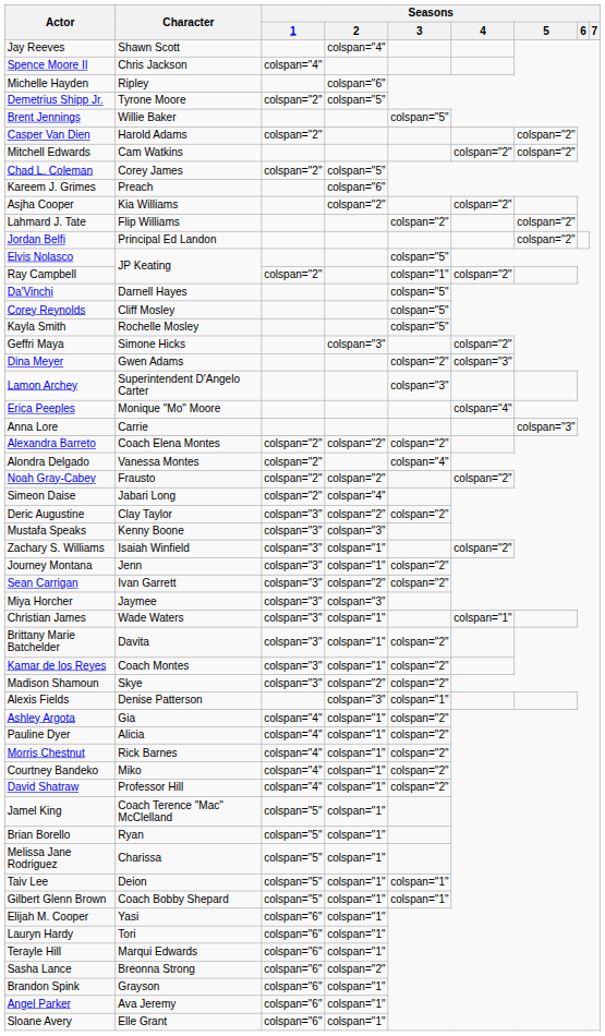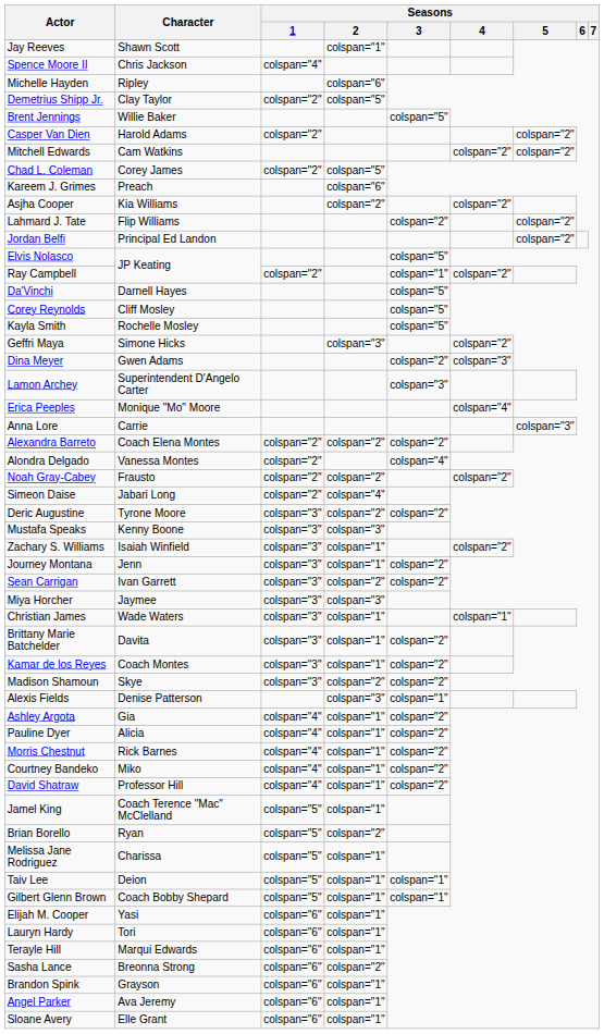 <table class="wikitable">
 <tr>
 <th rowspan="2">Actor</th>
 <th ! rowspan="2">Character</th>
 <th colspan="7">Seasons</th>
 </tr>
 <tr>
 <th scope="col"><a href='#'>1</a></th>
 <th scope="col">2</th>
 <th scope="col">3</th>
 <th scope="col">4</th>
 <th scope="col">5</th>
 <th scope="col">6</th>
 <th scope="col">7</th>
 </tr>
 <tr>
 <td>Jay Reeves</td>
 <td>Shawn Scott</td>
 <td></td>
-<td>colspan="4" </td>
+<td>colspan="1" </td>
 <td></td>
 <td></td>
 </tr>
 <tr>
 <td><a href='#'>Spence Moore II</a></td>
 <td>Chris Jackson</td>
 <td>colspan="4" </td>
 <td></td>
 <td></td>
 <td></td>
 </tr>
 <tr>
 <td>Michelle Hayden</td>
 <td>Ripley</td>
 <td></td>
 <td>colspan="6"</td>
 </tr>
 <tr>
 <td><a href='#'>Demetrius Shipp Jr.</a></td>
-<td>Tyrone Moore</td>
+<td>Clay Taylor</td>
 <td>colspan="2" </td>
 <td>colspan="5"</td>
 </tr>
 <tr>
 <td><a href='#'>Brent Jennings</a></td>
 <td>Willie Baker</td>
 <td></td>
 <td></td>
 <td>colspan="5" </td>
 </tr>
 <tr>
 <td><a href='#'>Casper Van Dien</a></td>
 <td>Harold Adams</td>
 <td>colspan="2" </td>
 <td></td>
 <td></td>
 <td></td>
 <td>colspan="2" </td>
 </tr>
 <tr>
 <td>Mitchell Edwards</td>
 <td>Cam Watkins</td>
 <td></td>
 <td></td>
 <td></td>
 <td>colspan="2" </td>
 <td>colspan="2" </td>
 </tr>
 <tr>
 <td><a href='#'>Chad L. Coleman</a></td>
 <td>Corey James</td>
 <td>colspan="2" </td>
 <td>colspan="5"</td>
 </tr>
 <tr>
 <td>Kareem J. Grimes</td>
 <td>Preach</td>
 <td></td>
 <td>colspan="6" </td>
 </tr>
 <tr>
 <td>Asjha Cooper</td>
 <td>Kia Williams</td>
 <td></td>
 <td>colspan="2" </td>
 <td></td>
 <td>colspan="2" </td>
 <td></td>
 </tr>
 <tr>
 <td>Lahmard J. Tate</td>
 <td>Flip Williams</td>
 <td></td>
 <td></td>
 <td>colspan="2" </td>
 <td></td>
 <td>colspan="2"</td>
 </tr>
 <tr>
 <td><a href='#'>Jordan Belfi</a></td>
 <td>Principal Ed Landon</td>
 <td></td>
 <td></td>
 <td></td>
 <td></td>
 <td>colspan="2" </td>
 <td></td>
 </tr>
 <tr>
 <td><a href='#'>Elvis Nolasco</a></td>
 <td rowspan="2">JP Keating</td>
 <td></td>
 <td></td>
 <td>colspan="5" </td>
 </tr>
 <tr>
 <td>Ray Campbell</td>
 <td>colspan="2"</td>
 <td></td>
 <td>colspan="1"</td>
 <td>colspan="2" </td>
 <td></td>
 </tr>
 <tr>
 <td><a href='#'>Da'Vinchi</a></td>
 <td>Darnell Hayes</td>
 <td></td>
 <td></td>
 <td>colspan="5" </td>
 </tr>
 <tr>
 <td><a href='#'>Corey Reynolds</a></td>
 <td>Cliff Mosley</td>
 <td></td>
 <td></td>
 <td>colspan="5"</td>
 </tr>
 <tr>
 <td>Kayla Smith</td>
 <td>Rochelle Mosley</td>
 <td></td>
 <td></td>
 <td>colspan="5"</td>
 </tr>
 <tr>
 <td>Geffri Maya</td>
 <td>Simone Hicks</td>
 <td></td>
 <td>colspan="3" </td>
 <td></td>
 <td>colspan="2"</td>
 </tr>
 <tr>
 <td><a href='#'>Dina Meyer</a></td>
 <td>Gwen Adams</td>
 <td></td>
 <td></td>
 <td>colspan="2" </td>
 <td>colspan="3"</td>
 </tr>
 <tr>
 <td><a href='#'>Lamon Archey</a></td>
 <td>Superintendent D'Angelo Carter</td>
 <td></td>
 <td></td>
 <td>colspan="3" </td>
 <td></td>
 <td></td>
 </tr>
 <tr>
 <td><a href='#'>Erica Peeples</a></td>
 <td>Monique "Mo" Moore</td>
 <td></td>
 <td></td>
 <td></td>
 <td>colspan="4" </td>
 </tr>
 <tr>
 <td>Anna Lore</td>
 <td>Carrie</td>
 <td></td>
 <td></td>
 <td></td>
 <td></td>
 <td>colspan="3" </td>
 </tr>
 <tr>
 <td><a href='#'>Alexandra Barreto</a></td>
 <td>Coach Elena Montes</td>
 <td>colspan="2" </td>
 <td>colspan="2" </td>
 <td>colspan="2" </td>
 <td></td>
 </tr>
 <tr>
 <td>Alondra Delgado</td>
 <td>Vanessa Montes</td>
 <td>colspan="2" </td>
 <td></td>
 <td>colspan="4" </td>
 </tr>
 <tr>
 <td><a href='#'>Noah Gray-Cabey</a></td>
 <td>Frausto</td>
 <td>colspan="2" </td>
 <td>colspan="2" </td>
 <td></td>
 <td>colspan="2" </td>
 </tr>
 <tr>
 <td>Simeon Daise</td>
 <td>Jabari Long</td>
 <td>colspan="2" </td>
 <td>colspan="4" </td>
 <td></td>
 </tr>
 <tr>
 <td>Deric Augustine</td>
-<td>Clay Taylor</td>
+<td>Tyrone Moore</td>
 <td>colspan="3" </td>
 <td>colspan="2" </td>
 <td>colspan="2" </td>
 </tr>
 <tr>
 <td>Mustafa Speaks</td>
 <td>Kenny Boone</td>
 <td>colspan="3" </td>
 <td>colspan="3" </td>
 <td></td>
 </tr>
 <tr>
 <td>Zachary S. Williams</td>
 <td>Isaiah Winfield</td>
 <td>colspan="3" </td>
 <td>colspan="1" </td>
 <td></td>
 <td>colspan="2" </td>
 </tr>
 <tr>
 <td>Journey Montana</td>
 <td>Jenn</td>
 <td>colspan="3" </td>
 <td>colspan="1" </td>
 <td>colspan="2" </td>
 </tr>
 <tr>
 <td><a href='#'>Sean Carrigan</a></td>
 <td>Ivan Garrett</td>
 <td>colspan="3" </td>
 <td>colspan="2" </td>
 <td>colspan="2" </td>
 </tr>
 <tr>
 <td>Miya Horcher</td>
 <td>Jaymee</td>
 <td>colspan="3" </td>
 <td>colspan="3" </td>
 <td></td>
 </tr>
 <tr>
 <td>Christian James</td>
 <td>Wade Waters</td>
 <td>colspan="3" </td>
 <td>colspan="1" </td>
 <td></td>
 <td>colspan="1" </td>
 <td></td>
 </tr>
 <tr>
 <td>Brittany Marie Batchelder</td>
 <td>Davita</td>
 <td>colspan="3" </td>
 <td>colspan="1" </td>
 <td>colspan="2" </td>
 <td></td>
 </tr>
 <tr>
 <td><a href='#'>Kamar de los Reyes</a></td>
 <td>Coach Montes</td>
 <td>colspan="3" </td>
 <td>colspan="1" </td>
 <td>colspan="2" </td>
 <td></td>
 </tr>
 <tr>
 <td>Madison Shamoun</td>
 <td>Skye</td>
 <td>colspan="3" </td>
 <td>colspan="2" </td>
 <td>colspan="2" </td>
 </tr>
 <tr>
 <td>Alexis Fields</td>
 <td>Denise Patterson</td>
 <td></td>
 <td>colspan="3" </td>
 <td>colspan="1" </td>
 <td></td>
 <td></td>
 </tr>
 <tr>
 <td><a href='#'>Ashley Argota</a></td>
 <td>Gia</td>
 <td>colspan="4" </td>
 <td>colspan="1" </td>
 <td>colspan="2" </td>
 </tr>
 <tr>
 <td>Pauline Dyer</td>
 <td>Alicia</td>
 <td>colspan="4" </td>
 <td>colspan="1" </td>
 <td>colspan="2" </td>
 </tr>
 <tr>
 <td><a href='#'>Morris Chestnut</a></td>
 <td>Rick Barnes</td>
 <td>colspan="4" </td>
 <td>colspan="1" </td>
 <td>colspan="2" </td>
 </tr>
 <tr>
 <td>Courtney Bandeko</td>
 <td>Miko</td>
 <td>colspan="4" </td>
 <td>colspan="1" </td>
 <td>colspan="2" </td>
 </tr>
 <tr>
 <td><a href='#'>David Shatraw</a></td>
 <td>Professor Hill</td>
 <td>colspan="4" </td>
 <td>colspan="1" </td>
 <td>colspan="2" </td>
 </tr>
 <tr>
 <td>Jamel King</td>
 <td>Coach Terence "Mac" McClelland</td>
 <td>colspan="5" </td>
 <td>colspan="1" </td>
 <td></td>
 </tr>
 <tr>
 <td>Brian Borello</td>
 <td>Ryan</td>
 <td>colspan="5" </td>
-<td>colspan="1" </td>
+<td>colspan="2" </td>
 <td></td>
 </tr>
 <tr>
 <td>Melissa Jane Rodriguez</td>
 <td>Charissa</td>
 <td>colspan="5" </td>
 <td>colspan="1" </td>
 <td></td>
 </tr>
 <tr>
 <td>Taiv Lee</td>
 <td>Deion</td>
 <td>colspan="5" </td>
 <td>colspan="1" </td>
 <td>colspan="1" </td>
 </tr>
 <tr>
 <td>Gilbert Glenn Brown</td>
 <td>Coach Bobby Shepard</td>
 <td>colspan="5" </td>
 <td>colspan="1" </td>
 <td>colspan="1" </td>
 </tr>
 <tr>
 <td>Elijah M. Cooper</td>
 <td>Yasi</td>
 <td>colspan="6" </td>
 <td>colspan="1" </td>
 </tr>
 <tr>
 <td>Lauryn Hardy</td>
 <td>Tori</td>
 <td>colspan="6" </td>
 <td>colspan="1" </td>
 </tr>
 <tr>
 <td>Terayle Hill</td>
 <td>Marqui Edwards</td>
 <td>colspan="6" </td>
 <td>colspan="1" </td>
 </tr>
 <tr>
 <td>Sasha Lance</td>
 <td>Breonna Strong</td>
 <td>colspan="6" </td>
 <td>colspan="2" </td>
 </tr>
 <tr>
 <td>Brandon Spink</td>
 <td>Grayson</td>
 <td>colspan="6" </td>
 <td>colspan="1" </td>
 </tr>
 <tr>
 <td><a href='#'>Angel Parker</a></td>
 <td>Ava Jeremy</td>
 <td>colspan="6" </td>
 <td>colspan="1" </td>
 </tr>
 <tr>
 <td>Sloane Avery</td>
 <td>Elle Grant</td>
 <td>colspan="6" </td>
 <td>colspan="1" </td>
 </tr>
 </table>
